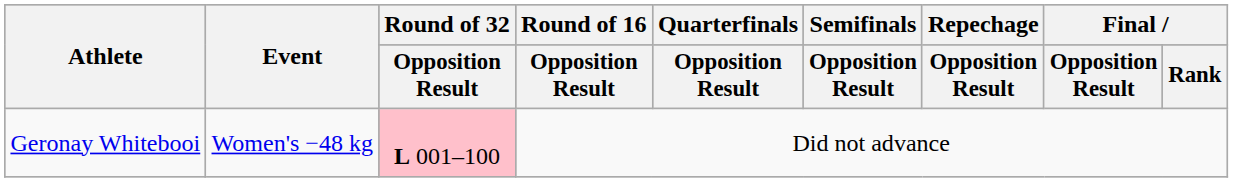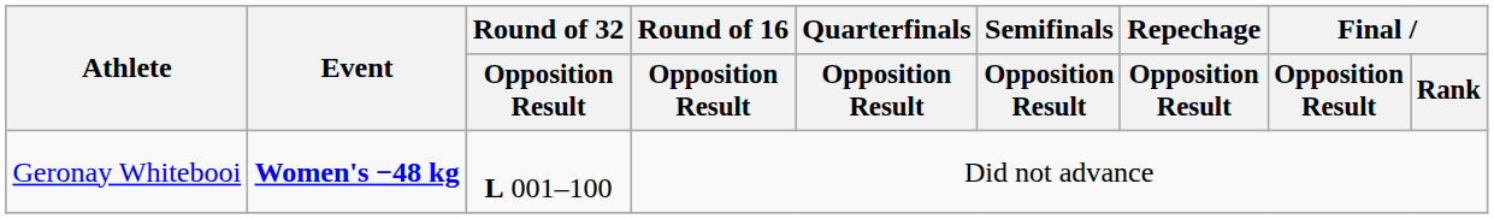 <table class="wikitable" style="font-size:90%">
 <tr>
 <th rowspan="2">Athlete</th>
 <th rowspan="2">Event</th>
 <th>Round of 32</th>
 <th>Round of 16</th>
 <th>Quarterfinals</th>
 <th>Semifinals</th>
 <th>Repechage</th>
 <th colspan=2>Final / </th>
 </tr>
 <tr style="font-size:95%">
 <th>Opposition<br>Result</th>
 <th>Opposition<br>Result</th>
 <th>Opposition<br>Result</th>
 <th>Opposition<br>Result</th>
 <th>Opposition<br>Result</th>
 <th>Opposition<br>Result</th>
 <th>Rank</th>
 </tr>
 <tr align=center>
 <td align=left><a href='#'>Geronay Whitebooi</a></td>
-<td align=left><a href='#'>Women's −48 kg</a></td>
-<td style="background: pink;"><br><strong>L</strong> 001–100</td>
+<td align=left><strong><a href='#'>Women's −48 kg</a></strong></td>
+<td><br><strong>L</strong> 001–100</td>
 <td colspan=6>Did not advance</td>
 </tr>
 </table>
